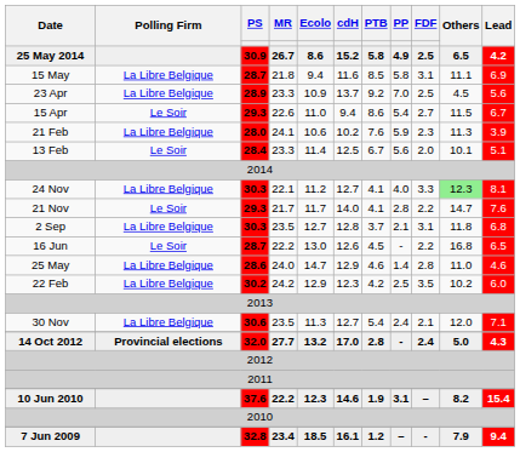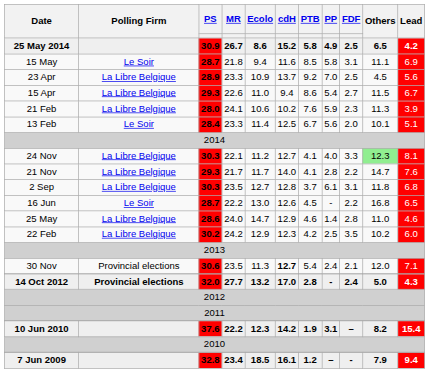 <table class="wikitable" style="text-align:center; font-size:85%; line-height:16px;">
 <tr style="height:42px;">
 <th style="width:100px;" rowspan="2">Date</th>
 <th style="width:165px;" rowspan="2">Polling Firm</th>
 <th><a href='#'><span>PS</span></a></th>
 <th><a href='#'><span>MR</span></a></th>
 <th><a href='#'><span>Ecolo</span></a></th>
 <th><a href='#'><span>cdH</span></a></th>
 <th><a href='#'><span>PTB</span></a></th>
 <th><a href='#'><span>PP</span></a></th>
 <th><a href='#'><span>FDF</span></a></th>
 <th style="width:40px;" rowspan="2">Others</th>
 <th style="width:20px;" rowspan="2">Lead</th>
 </tr>
 <tr>
 <th style="background:"></th>
 <th style="background:"></th>
 <th style="background:"></th>
 <th style="background:"></th>
 <th style="background:"></th>
 <th style="background:"></th>
 <th style="background:"></th>
 </tr>
 <tr style="background:#EFEFEF; font-weight:bold;">
 <td>25 May 2014</td>
 <td></td>
 <td style="background:red">30.9</td>
 <td>26.7</td>
 <td>8.6</td>
 <td>15.2</td>
 <td>5.8</td>
 <td>4.9</td>
 <td>2.5</td>
 <td>6.5</td>
 <td style="background:red; color:white;">4.2</td>
 </tr>
 <tr>
 <td>15 May</td>
-<td><a href='#'>La Libre Belgique</a></td>
+<td><a href='#'>Le Soir</a></td>
 <td style="background:red"><strong>28.7</strong></td>
 <td>21.8</td>
 <td>9.4</td>
 <td>11.6</td>
 <td>8.5</td>
 <td>5.8</td>
 <td>3.1</td>
 <td>11.1</td>
 <td style="background:red; color:white;">6.9</td>
 </tr>
 <tr>
 <td>23 Apr</td>
 <td><a href='#'>La Libre Belgique</a></td>
 <td style="background:red"><strong>28.9</strong></td>
 <td>23.3</td>
 <td>10.9</td>
 <td>13.7</td>
 <td>9.2</td>
 <td>7.0</td>
 <td>2.5</td>
 <td>4.5</td>
 <td style="background:red; color:white;">5.6</td>
 </tr>
 <tr>
 <td>15 Apr</td>
-<td><a href='#'>Le Soir</a></td>
+<td><a href='#'>La Libre Belgique</a></td>
 <td style="background:red"><strong>29.3</strong></td>
 <td>22.6</td>
 <td>11.0</td>
 <td>9.4</td>
 <td>8.6</td>
 <td>5.4</td>
 <td>2.7</td>
 <td>11.5</td>
 <td style="background:red; color:white;">6.7</td>
 </tr>
 <tr>
 <td>21 Feb</td>
 <td><a href='#'>La Libre Belgique</a></td>
 <td style="background:red"><strong>28.0</strong></td>
 <td>24.1</td>
 <td>10.6</td>
 <td>10.2</td>
 <td>7.6</td>
 <td>5.9</td>
 <td>2.3</td>
 <td>11.3</td>
 <td style="background:red; color:white;">3.9</td>
 </tr>
 <tr>
 <td>13 Feb</td>
 <td><a href='#'>Le Soir</a></td>
 <td style="background:red"><strong>28.4</strong></td>
 <td>23.3</td>
 <td>11.4</td>
 <td>12.5</td>
 <td>6.7</td>
 <td>5.6</td>
 <td>2.0</td>
 <td>10.1</td>
 <td style="background:red; color:white;">5.1</td>
 </tr>
 <tr>
 <td colspan="11" style="background:#D0D0D0; color:black">2014</td>
 </tr>
 <tr>
 <td>24 Nov</td>
 <td><a href='#'>La Libre Belgique</a></td>
 <td style="background:red"><strong>30.3</strong></td>
 <td>22.1</td>
 <td>11.2</td>
 <td>12.7</td>
 <td>4.1</td>
 <td>4.0</td>
 <td>3.3</td>
 <td style="background: lightgreen;">12.3</td>
 <td style="background:red; color:white;">8.1</td>
 </tr>
 <tr>
 <td>21 Nov</td>
-<td><a href='#'>Le Soir</a></td>
+<td><a href='#'>La Libre Belgique</a></td>
 <td style="background:red"><strong>29.3</strong></td>
 <td>21.7</td>
 <td>11.7</td>
 <td>14.0</td>
 <td>4.1</td>
 <td>2.8</td>
 <td>2.2</td>
 <td>14.7</td>
 <td style="background:red; color:white;">7.6</td>
 </tr>
 <tr>
 <td>2 Sep</td>
 <td><a href='#'>La Libre Belgique</a></td>
 <td style="background:red"><strong>30.3</strong></td>
 <td>23.5</td>
 <td>12.7</td>
 <td>12.8</td>
 <td>3.7</td>
-<td>2.1</td>
+<td>6.1</td>
 <td>3.1</td>
 <td>11.8</td>
 <td style="background:red; color:white;">6.8</td>
 </tr>
 <tr>
 <td>16 Jun</td>
 <td><a href='#'>Le Soir</a></td>
 <td style="background:red"><strong>28.7</strong></td>
 <td>22.2</td>
 <td>13.0</td>
 <td>12.6</td>
 <td>4.5</td>
 <td>-</td>
 <td>2.2</td>
 <td>16.8</td>
 <td style="background:red; color:white;">6.5</td>
 </tr>
 <tr>
 <td>25 May</td>
 <td><a href='#'>La Libre Belgique</a></td>
 <td style="background:red"><strong>28.6</strong></td>
 <td>24.0</td>
 <td>14.7</td>
 <td>12.9</td>
 <td>4.6</td>
 <td>1.4</td>
 <td>2.8</td>
 <td>11.0</td>
 <td style="background:red; color:white;">4.6</td>
 </tr>
 <tr>
 <td>22 Feb</td>
 <td><a href='#'>La Libre Belgique</a></td>
 <td style="background:red"><strong>30.2</strong></td>
 <td>24.2</td>
 <td>12.9</td>
 <td>12.3</td>
 <td>4.2</td>
 <td>2.5</td>
 <td>3.5</td>
 <td>10.2</td>
 <td style="background:red; color:white;">6.0</td>
 </tr>
 <tr>
 <td colspan="11" style="background:#D0D0D0; color:black">2013</td>
 </tr>
 <tr>
 <td>30 Nov</td>
-<td><a href='#'>La Libre Belgique</a></td>
+<td>Provincial elections</td>
 <td style="background:red"><strong>30.6</strong></td>
 <td>23.5</td>
 <td>11.3</td>
-<td>12.7</td>
+<td><strong>12.7</strong></td>
 <td>5.4</td>
 <td>2.4</td>
 <td>2.1</td>
 <td>12.0</td>
 <td style="background:red; color:white;">7.1</td>
 </tr>
 <tr>
 </tr>
 <tr style="background:#EFEFEF; font-weight:bold;">
 <td>14 Oct 2012</td>
 <td>Provincial elections</td>
 <td style="background:red">32.0</td>
 <td>27.7</td>
 <td>13.2</td>
 <td>17.0</td>
 <td>2.8</td>
 <td>-</td>
 <td>2.4</td>
 <td>5.0</td>
 <td style="background:red; color:white;">4.3</td>
 </tr>
 <tr>
 <td colspan="11" style="background:#D0D0D0; color:black">2012</td>
 </tr>
 <tr>
 <td colspan="11" style="background:#D0D0D0; color:black">2011</td>
 </tr>
 <tr>
 </tr>
 <tr style="background:#EFEFEF; font-weight:bold;">
 <td>10 Jun 2010</td>
 <td></td>
 <td style="background:red">37.6</td>
 <td>22.2</td>
 <td>12.3</td>
-<td>14.6</td>
+<td>14.2</td>
 <td>1.9</td>
 <td>3.1</td>
 <td>–</td>
 <td>8.2</td>
 <td style="background:red; color:white;">15.4</td>
 </tr>
 <tr>
 <td colspan="11" style="background:#D0D0D0; color:black">2010</td>
 </tr>
 <tr>
 </tr>
 <tr style="background:#EFEFEF; font-weight:bold;">
 <td>7 Jun 2009</td>
 <td></td>
 <td style="background:red">32.8</td>
 <td>23.4</td>
 <td>18.5</td>
 <td>16.1</td>
 <td>1.2</td>
 <td>–</td>
 <td>-</td>
 <td>7.9</td>
 <td style="background:red; color:white;">9.4</td>
 </tr>
 </table>
